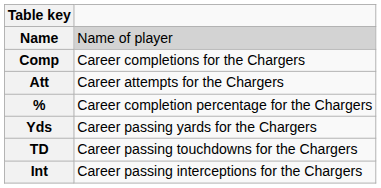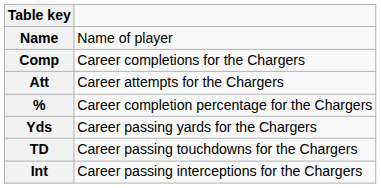 <table class="wikitable mw-collapsible">
 <tr>
 <th>Table key</th>
 </tr>
 <tr>
 <th scope="row">Name</th>
-<td style="background: lightgrey;">Name of player</td>
+<td>Name of player</td>
 </tr>
 <tr>
 <th scope="row">Comp</th>
 <td>Career completions for the Chargers</td>
 </tr>
 <tr>
 <th scope="row">Att</th>
 <td>Career attempts for the Chargers</td>
 </tr>
 <tr>
 <th scope="row">%</th>
 <td>Career completion percentage for the Chargers</td>
 </tr>
 <tr>
 <th scope="row">Yds</th>
 <td>Career passing yards for the Chargers</td>
 </tr>
 <tr>
 <th scope="row">TD</th>
 <td>Career passing touchdowns for the Chargers</td>
 </tr>
 <tr>
 <th scope="row">Int</th>
 <td>Career passing interceptions for the Chargers</td>
 </tr>
 </table>
